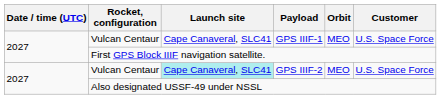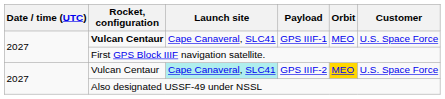 <table class="wikitable sticky-header">
 <tr>
 <th scope="col">Date / time (<a href='#'>UTC</a>)</th>
 <th scope="col">Rocket, <br> configuration</th>
 <th scope="col">Launch site</th>
 <th scope="col">Payload</th>
 <th scope="col">Orbit</th>
 <th scope="col">Customer</th>
 </tr>
 <tr>
 <td rowspan=2>2027</td>
-<td>Vulcan Centaur</td>
+<td><strong>Vulcan Centaur</strong></td>
 <td><a href='#'>Cape Canaveral</a>, <a href='#'>SLC41</a></td>
 <td><a href='#'>GPS IIIF-1</a></td>
 <td><a href='#'>MEO</a></td>
 <td><a href='#'>U.S. Space Force</a></td>
 </tr>
 <tr>
 <td colspan=5>First <a href='#'>GPS Block IIIF</a> navigation satellite.</td>
 </tr>
 <tr>
 <td rowspan=2>2027</td>
 <td>Vulcan Centaur</td>
 <td style="background: paleturquoise;"><a href='#'>Cape Canaveral</a>, <a href='#'>SLC41</a></td>
 <td><a href='#'>GPS IIIF-2</a></td>
-<td><a href='#'>MEO</a></td>
+<td style="background: gold;"><a href='#'>MEO</a></td>
 <td><a href='#'>U.S. Space Force</a></td>
 </tr>
 <tr>
 <td colspan=5>Also designated USSF-49 under NSSL</td>
 </tr>
 </table>
